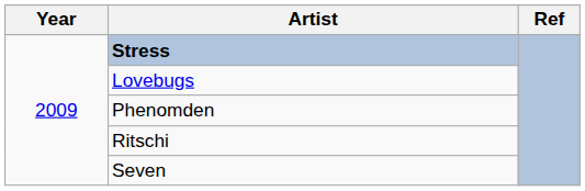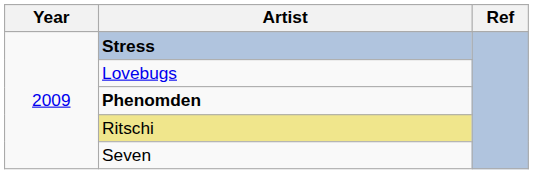 <table class="wikitable" style="width:55%;">
 <tr style="background:#bebebe;">
 <th style="width:10%;">Year</th>
 <th style="width:40%;">Artist</th>
 <th style="width:5%;">Ref</th>
 </tr>
 <tr>
 <td rowspan="6" align="center"><a href='#'>2009</a></td>
 </tr>
 <tr style="background:#B0C4DE">
 <td><strong>Stress</strong></td>
 <td rowspan="6" align="center"></td>
 </tr>
 <tr>
 <td><a href='#'>Lovebugs</a></td>
 </tr>
 <tr>
-<td>Phenomden</td>
+<td><strong>Phenomden</strong></td>
 </tr>
 <tr>
-<td>Ritschi</td>
+<td style="background: khaki;">Ritschi</td>
 </tr>
 <tr>
 <td>Seven</td>
 </tr>
 </table>
